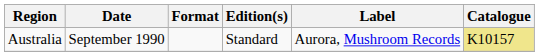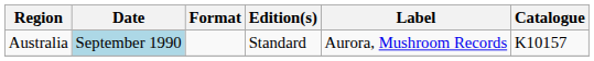 <table class="wikitable plainrowheaders">
 <tr>
 <th scope="col">Region</th>
 <th scope="col">Date</th>
 <th scope="col">Format</th>
 <th scope="col">Edition(s)</th>
 <th scope="col">Label</th>
 <th scope="col">Catalogue</th>
 </tr>
 <tr>
 <td>Australia</td>
-<td>September 1990</td>
+<td style="background: lightblue;">September 1990</td>
 <td></td>
 <td>Standard</td>
 <td>Aurora, <a href='#'>Mushroom Records</a></td>
-<td style="background: khaki;">K10157</td>
+<td>K10157</td>
 </tr>
 <tr>
 </tr>
 </table>
